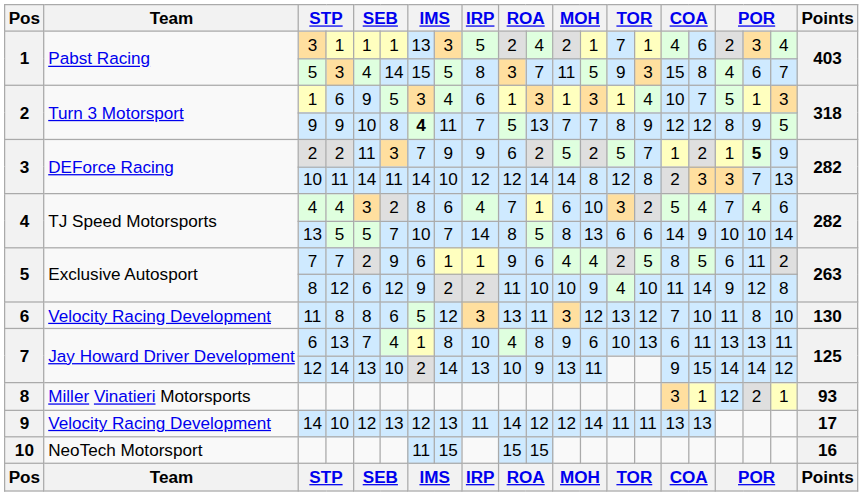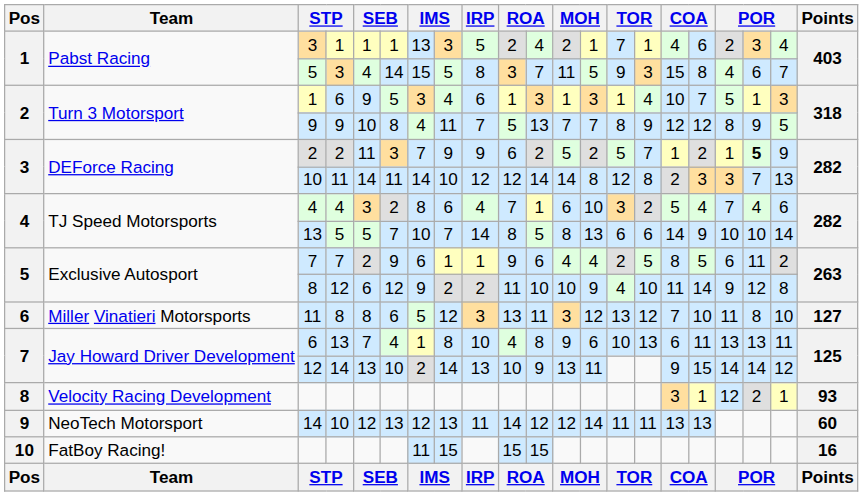 <table class="wikitable" style="font-size:85%; text-align:center">
 <tr>
 <th>Pos</th>
 <th>Team</th>
 <th colspan="2"><a href='#'>STP</a></th>
 <th colspan="2"><a href='#'>SEB</a></th>
 <th colspan="2"><a href='#'>IMS</a></th>
 <th><a href='#'>IRP</a></th>
 <th colspan="2"><a href='#'>ROA</a></th>
 <th colspan="2"><a href='#'>MOH</a></th>
 <th colspan="2"><a href='#'>TOR</a></th>
 <th colspan="2"><a href='#'>COA</a></th>
 <th colspan="3"><a href='#'>POR</a></th>
 <th>Points</th>
 </tr>
 <tr>
 <th rowspan="2">1</th>
 <td rowspan="2" align="left"><a href='#'>Pabst Racing</a></td>
 <td style="background:#FFDF9F;">3</td>
 <td style="background:#FFFFBF;">1</td>
 <td style="background:#FFFFBF;">1</td>
 <td style="background:#FFFFBF;">1</td>
 <td style="background:#CFEAFF;">13</td>
 <td style="background:#FFDF9F;">3</td>
 <td style="background:#DFFFDF;">5</td>
 <td style="background:#DFDFDF;">2</td>
 <td style="background:#DFFFDF;">4</td>
 <td style="background:#DFDFDF;">2</td>
 <td style="background:#FFFFBF;">1</td>
 <td style="background:#CFEAFF;">7</td>
 <td style="background:#FFFFBF;">1</td>
 <td style="background:#DFFFDF;">4</td>
 <td style="background:#CFEAFF;">6</td>
 <td style="background:#DFDFDF;">2</td>
 <td style="background:#FFDF9F;">3</td>
 <td style="background:#DFFFDF;">4</td>
 <th rowspan="2">403</th>
 </tr>
 <tr>
 <td style="background:#DFFFDF;">5</td>
 <td style="background:#FFDF9F;">3</td>
 <td style="background:#DFFFDF;">4</td>
 <td style="background:#CFEAFF;">14</td>
 <td style="background:#CFEAFF;">15</td>
 <td style="background:#DFFFDF;">5</td>
 <td style="background:#CFEAFF;">8</td>
 <td style="background:#FFDF9F;">3</td>
 <td style="background:#CFEAFF;">7</td>
 <td style="background:#CFEAFF;">11</td>
 <td style="background:#DFFFDF;">5</td>
 <td style="background:#CFEAFF;">9</td>
 <td style="background:#FFDF9F;">3</td>
 <td style="background:#CFEAFF;">15</td>
 <td style="background:#CFEAFF;">8</td>
 <td style="background:#DFFFDF;">4</td>
 <td style="background:#CFEAFF;">6</td>
 <td style="background:#CFEAFF;">7</td>
 </tr>
 <tr>
 <th rowspan="2">2</th>
 <td rowspan="2" align="left"><a href='#'>Turn 3 Motorsport</a></td>
 <td style="background:#FFFFBF;">1</td>
 <td style="background:#CFEAFF;">6</td>
 <td style="background:#CFEAFF;">9</td>
 <td style="background:#DFFFDF;">5</td>
 <td style="background:#FFDF9F;">3</td>
 <td style="background:#DFFFDF;">4</td>
 <td style="background:#CFEAFF;">6</td>
 <td style="background:#FFFFBF;">1</td>
 <td style="background:#FFDF9F;">3</td>
 <td style="background:#FFFFBF;">1</td>
 <td style="background:#FFDF9F;">3</td>
 <td style="background:#FFFFBF;">1</td>
 <td style="background:#DFFFDF;">4</td>
 <td style="background:#CFEAFF;">10</td>
 <td style="background:#CFEAFF;">7</td>
 <td style="background:#DFFFDF;">5</td>
 <td style="background:#FFFFBF;">1</td>
 <td style="background:#FFDF9F;">3</td>
 <th rowspan="2">318</th>
 </tr>
 <tr>
 <td style="background:#CFEAFF;">9</td>
 <td style="background:#CFEAFF;">9</td>
 <td style="background:#CFEAFF;">10</td>
 <td style="background:#CFEAFF;">8</td>
-<td style="background:#DFFFDF;"><strong>4</strong></td>
+<td style="background:#DFFFDF;">4</td>
 <td style="background:#CFEAFF;">11</td>
 <td style="background:#CFEAFF;">7</td>
 <td style="background:#DFFFDF;">5</td>
 <td style="background:#CFEAFF;">13</td>
 <td style="background:#CFEAFF;">7</td>
 <td style="background:#CFEAFF;">7</td>
 <td style="background:#CFEAFF;">8</td>
 <td style="background:#CFEAFF;">9</td>
 <td style="background:#CFEAFF;">12</td>
 <td style="background:#CFEAFF;">12</td>
 <td style="background:#CFEAFF;">8</td>
 <td style="background:#CFEAFF;">9</td>
 <td style="background:#DFFFDF;">5</td>
 </tr>
 <tr>
 <th rowspan="2">3</th>
 <td rowspan="2" align="left"><a href='#'>DEForce Racing</a></td>
 <td style="background:#DFDFDF;">2</td>
 <td style="background:#DFDFDF;">2</td>
 <td style="background:#CFEAFF;">11</td>
 <td style="background:#FFDF9F;">3</td>
 <td style="background:#CFEAFF;">7</td>
 <td style="background:#CFEAFF;">9</td>
 <td style="background:#CFEAFF;">9</td>
 <td style="background:#CFEAFF;">6</td>
 <td style="background:#DFDFDF;">2</td>
 <td style="background:#DFFFDF;">5</td>
 <td style="background:#DFDFDF;">2</td>
 <td style="background:#DFFFDF;">5</td>
 <td style="background:#CFEAFF;">7</td>
 <td style="background:#FFFFBF;">1</td>
 <td style="background:#DFDFDF;">2</td>
 <td style="background:#FFFFBF;">1</td>
 <td style="background:#DFFFDF;"><strong>5</strong></td>
 <td style="background:#CFEAFF;">9</td>
 <th rowspan="2">282</th>
 </tr>
 <tr>
 <td style="background:#CFEAFF;">10</td>
 <td style="background:#CFEAFF;">11</td>
 <td style="background:#CFEAFF;">14</td>
 <td style="background:#CFEAFF;">11</td>
 <td style="background:#CFEAFF;">14</td>
 <td style="background:#CFEAFF;">10</td>
 <td style="background:#CFEAFF;">12</td>
 <td style="background:#CFEAFF;">12</td>
 <td style="background:#CFEAFF;">14</td>
 <td style="background:#CFEAFF;">14</td>
 <td style="background:#CFEAFF;">8</td>
 <td style="background:#CFEAFF;">12</td>
 <td style="background:#CFEAFF;">8</td>
 <td style="background:#DFDFDF;">2</td>
 <td style="background:#FFDF9F;">3</td>
 <td style="background:#FFDF9F;">3</td>
 <td style="background:#CFEAFF;">7</td>
 <td style="background:#CFEAFF;">13</td>
 </tr>
 <tr>
 <th rowspan="2">4</th>
 <td rowspan="2" align="left">TJ Speed Motorsports</td>
 <td style="background:#DFFFDF;">4</td>
 <td style="background:#DFFFDF;">4</td>
 <td style="background:#FFDF9F;">3</td>
 <td style="background:#DFDFDF;">2</td>
 <td style="background:#CFEAFF;">8</td>
 <td style="background:#CFEAFF;">6</td>
 <td style="background:#DFFFDF;">4</td>
 <td style="background:#CFEAFF;">7</td>
 <td style="background:#FFFFBF;">1</td>
 <td style="background:#CFEAFF;">6</td>
 <td style="background:#CFEAFF;">10</td>
 <td style="background:#FFDF9F;">3</td>
 <td style="background:#DFDFDF;">2</td>
 <td style="background:#DFFFDF;">5</td>
 <td style="background:#DFFFDF;">4</td>
 <td style="background:#CFEAFF;">7</td>
 <td style="background:#DFFFDF;">4</td>
 <td style="background:#CFEAFF;">6</td>
 <th rowspan="2">282</th>
 </tr>
 <tr>
 <td style="background:#CFEAFF;">13</td>
 <td style="background:#DFFFDF;">5</td>
 <td style="background:#DFFFDF;">5</td>
 <td style="background:#CFEAFF;">7</td>
 <td style="background:#CFEAFF;">10</td>
 <td style="background:#CFEAFF;">7</td>
 <td style="background:#CFEAFF;">14</td>
 <td style="background:#CFEAFF;">8</td>
 <td style="background:#DFFFDF;">5</td>
 <td style="background:#CFEAFF;">8</td>
 <td style="background:#CFEAFF;">13</td>
 <td style="background:#CFEAFF;">6</td>
 <td style="background:#CFEAFF;">6</td>
 <td style="background:#CFEAFF;">14</td>
 <td style="background:#CFEAFF;">9</td>
 <td style="background:#CFEAFF;">10</td>
 <td style="background:#CFEAFF;">10</td>
 <td style="background:#CFEAFF;">14</td>
 </tr>
 <tr>
 <th rowspan="2">5</th>
 <td rowspan="2" align="left">Exclusive Autosport</td>
 <td style="background:#CFEAFF;">7</td>
 <td style="background:#CFEAFF;">7</td>
 <td style="background:#DFDFDF;">2</td>
 <td style="background:#CFEAFF;">9</td>
 <td style="background:#CFEAFF;">6</td>
 <td style="background:#FFFFBF;">1</td>
 <td style="background:#FFFFBF;">1</td>
 <td style="background:#CFEAFF;">9</td>
 <td style="background:#CFEAFF;">6</td>
 <td style="background:#DFFFDF;">4</td>
 <td style="background:#DFFFDF;">4</td>
 <td style="background:#DFDFDF;">2</td>
 <td style="background:#DFFFDF;">5</td>
 <td style="background:#CFEAFF;">8</td>
 <td style="background:#DFFFDF;">5</td>
 <td style="background:#CFEAFF;">6</td>
 <td style="background:#CFEAFF;">11</td>
 <td style="background:#DFDFDF;">2</td>
 <th rowspan="2">263</th>
 </tr>
 <tr>
 <td style="background:#CFEAFF;">8</td>
 <td style="background:#CFEAFF;">12</td>
 <td style="background:#CFEAFF;">6</td>
 <td style="background:#CFEAFF;">12</td>
 <td style="background:#CFEAFF;">9</td>
 <td style="background:#DFDFDF;">2</td>
 <td style="background:#DFDFDF;">2</td>
 <td style="background:#CFEAFF;">11</td>
 <td style="background:#CFEAFF;">10</td>
 <td style="background:#CFEAFF;">10</td>
 <td style="background:#CFEAFF;">9</td>
 <td style="background:#DFFFDF;">4</td>
 <td style="background:#CFEAFF;">10</td>
 <td style="background:#CFEAFF;">11</td>
 <td style="background:#CFEAFF;">14</td>
 <td style="background:#CFEAFF;">9</td>
 <td style="background:#CFEAFF;">12</td>
 <td style="background:#CFEAFF;">8</td>
 </tr>
 <tr>
 <th>6</th>
-<td align="left"><a href='#'>Velocity Racing Development</a></td>
+<td align="left"><a href='#'>Miller</a> <a href='#'>Vinatieri</a> Motorsports</td>
 <td style="background:#CFEAFF;">11</td>
 <td style="background:#CFEAFF;">8</td>
 <td style="background:#CFEAFF;">8</td>
 <td style="background:#CFEAFF;">6</td>
 <td style="background:#DFFFDF;">5</td>
 <td style="background:#CFEAFF;">12</td>
 <td style="background:#FFDF9F;">3</td>
 <td style="background:#CFEAFF;">13</td>
 <td style="background:#CFEAFF;">11</td>
 <td style="background:#FFDF9F;">3</td>
 <td style="background:#CFEAFF;">12</td>
 <td style="background:#CFEAFF;">13</td>
 <td style="background:#CFEAFF;">12</td>
 <td style="background:#CFEAFF;">7</td>
 <td style="background:#CFEAFF;">10</td>
 <td style="background:#CFEAFF;">11</td>
 <td style="background:#CFEAFF;">8</td>
 <td style="background:#CFEAFF;">10</td>
-<th>130</th>
+<th>127</th>
 </tr>
 <tr>
 <th rowspan="2">7</th>
 <td rowspan="2" align="left"><a href='#'>Jay Howard Driver Development</a></td>
 <td style="background:#CFEAFF;">6</td>
 <td style="background:#CFEAFF;">13</td>
 <td style="background:#CFEAFF;">7</td>
 <td style="background:#DFFFDF;">4</td>
 <td style="background:#FFFFBF;">1</td>
 <td style="background:#CFEAFF;">8</td>
 <td style="background:#CFEAFF;">10</td>
 <td style="background:#DFFFDF;">4</td>
 <td style="background:#CFEAFF;">8</td>
 <td style="background:#CFEAFF;">9</td>
 <td style="background:#CFEAFF;">6</td>
 <td style="background:#CFEAFF;">10</td>
 <td style="background:#CFEAFF;">13</td>
 <td style="background:#CFEAFF;">6</td>
 <td style="background:#CFEAFF;">11</td>
 <td style="background:#CFEAFF;">13</td>
 <td style="background:#CFEAFF;">13</td>
 <td style="background:#CFEAFF;">11</td>
 <th rowspan="2">125</th>
 </tr>
 <tr>
 <td style="background:#CFEAFF;">12</td>
 <td style="background:#CFEAFF;">14</td>
 <td style="background:#CFEAFF;">13</td>
 <td style="background:#CFEAFF;">10</td>
 <td style="background:#DFDFDF;">2</td>
 <td style="background:#CFEAFF;">14</td>
 <td style="background:#CFEAFF;">13</td>
 <td style="background:#CFEAFF;">10</td>
 <td style="background:#CFEAFF;">9</td>
 <td style="background:#CFEAFF;">13</td>
 <td style="background:#CFEAFF;">11</td>
 <td></td>
 <td></td>
 <td style="background:#CFEAFF;">9</td>
 <td style="background:#CFEAFF;">15</td>
 <td style="background:#CFEAFF;">14</td>
 <td style="background:#CFEAFF;">14</td>
 <td style="background:#CFEAFF;">12</td>
 </tr>
 <tr>
 <th>8</th>
-<td align="left"><a href='#'>Miller</a> <a href='#'>Vinatieri</a> Motorsports</td>
+<td align="left"><a href='#'>Velocity Racing Development</a></td>
 <td></td>
 <td></td>
 <td></td>
 <td></td>
 <td></td>
 <td></td>
 <td></td>
 <td></td>
 <td></td>
 <td></td>
 <td></td>
 <td></td>
 <td></td>
 <td style="background:#FFDF9F;">3</td>
 <td style="background:#FFFFBF;">1</td>
 <td style="background:#CFEAFF;">12</td>
 <td style="background:#DFDFDF;">2</td>
 <td style="background:#FFFFBF;">1</td>
 <th>93</th>
 </tr>
 <tr>
 <th>9</th>
-<td align="left"><a href='#'>Velocity Racing Development</a></td>
+<td align="left">NeoTech Motorsport</td>
 <td style="background:#CFEAFF;">14</td>
 <td style="background:#CFEAFF;">10</td>
 <td style="background:#CFEAFF;">12</td>
 <td style="background:#CFEAFF;">13</td>
 <td style="background:#CFEAFF;">12</td>
 <td style="background:#CFEAFF;">13</td>
 <td style="background:#CFEAFF;">11</td>
 <td style="background:#CFEAFF;">14</td>
 <td style="background:#CFEAFF;">12</td>
 <td style="background:#CFEAFF;">12</td>
 <td style="background:#CFEAFF;">14</td>
 <td style="background:#CFEAFF;">11</td>
 <td style="background:#CFEAFF;">11</td>
 <td style="background:#CFEAFF;">13</td>
 <td style="background:#CFEAFF;">13</td>
 <td></td>
 <td></td>
 <td></td>
-<th>17</th>
+<th>60</th>
 </tr>
 <tr>
 <th>10</th>
-<td align="left">NeoTech Motorsport</td>
+<td align="left">FatBoy Racing!</td>
 <td></td>
 <td></td>
 <td></td>
 <td></td>
 <td style="background:#CFEAFF;">11</td>
 <td style="background:#CFEAFF;">15</td>
 <td></td>
 <td style="background:#CFEAFF;">15</td>
 <td style="background:#CFEAFF;">15</td>
 <td></td>
 <td></td>
 <td></td>
 <td></td>
 <td></td>
 <td></td>
 <td></td>
 <td></td>
 <td></td>
 <th>16</th>
 </tr>
 <tr>
 <th>Pos</th>
 <th>Team</th>
 <th colspan="2"><a href='#'>STP</a></th>
 <th colspan="2"><a href='#'>SEB</a></th>
 <th colspan="2"><a href='#'>IMS</a></th>
 <th><a href='#'>IRP</a></th>
 <th colspan="2"><a href='#'>ROA</a></th>
 <th colspan="2"><a href='#'>MOH</a></th>
 <th colspan="2"><a href='#'>TOR</a></th>
 <th colspan="2"><a href='#'>COA</a></th>
 <th colspan="3"><a href='#'>POR</a></th>
 <th>Points</th>
 </tr>
 </table>
